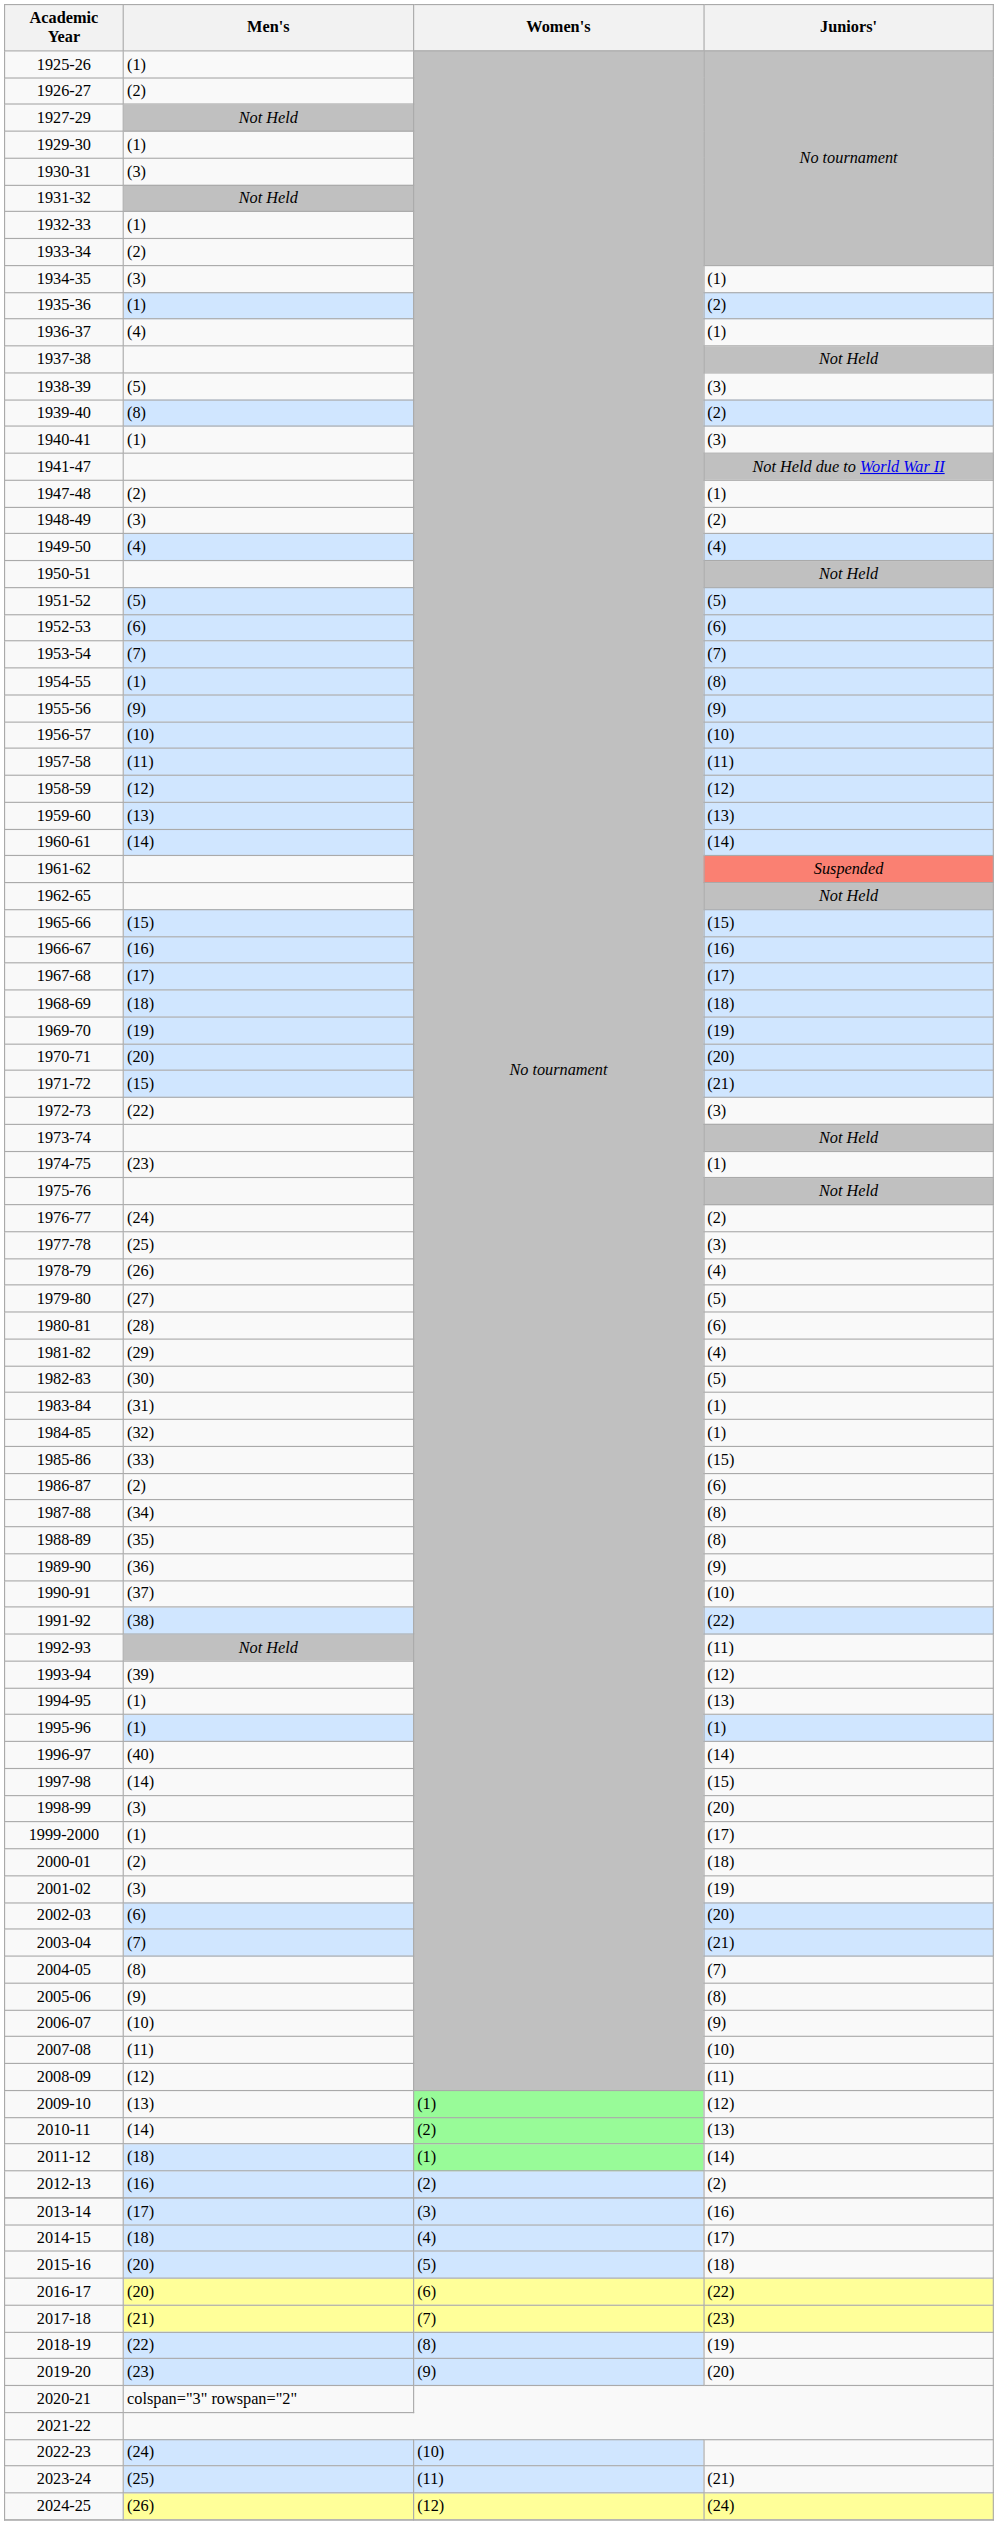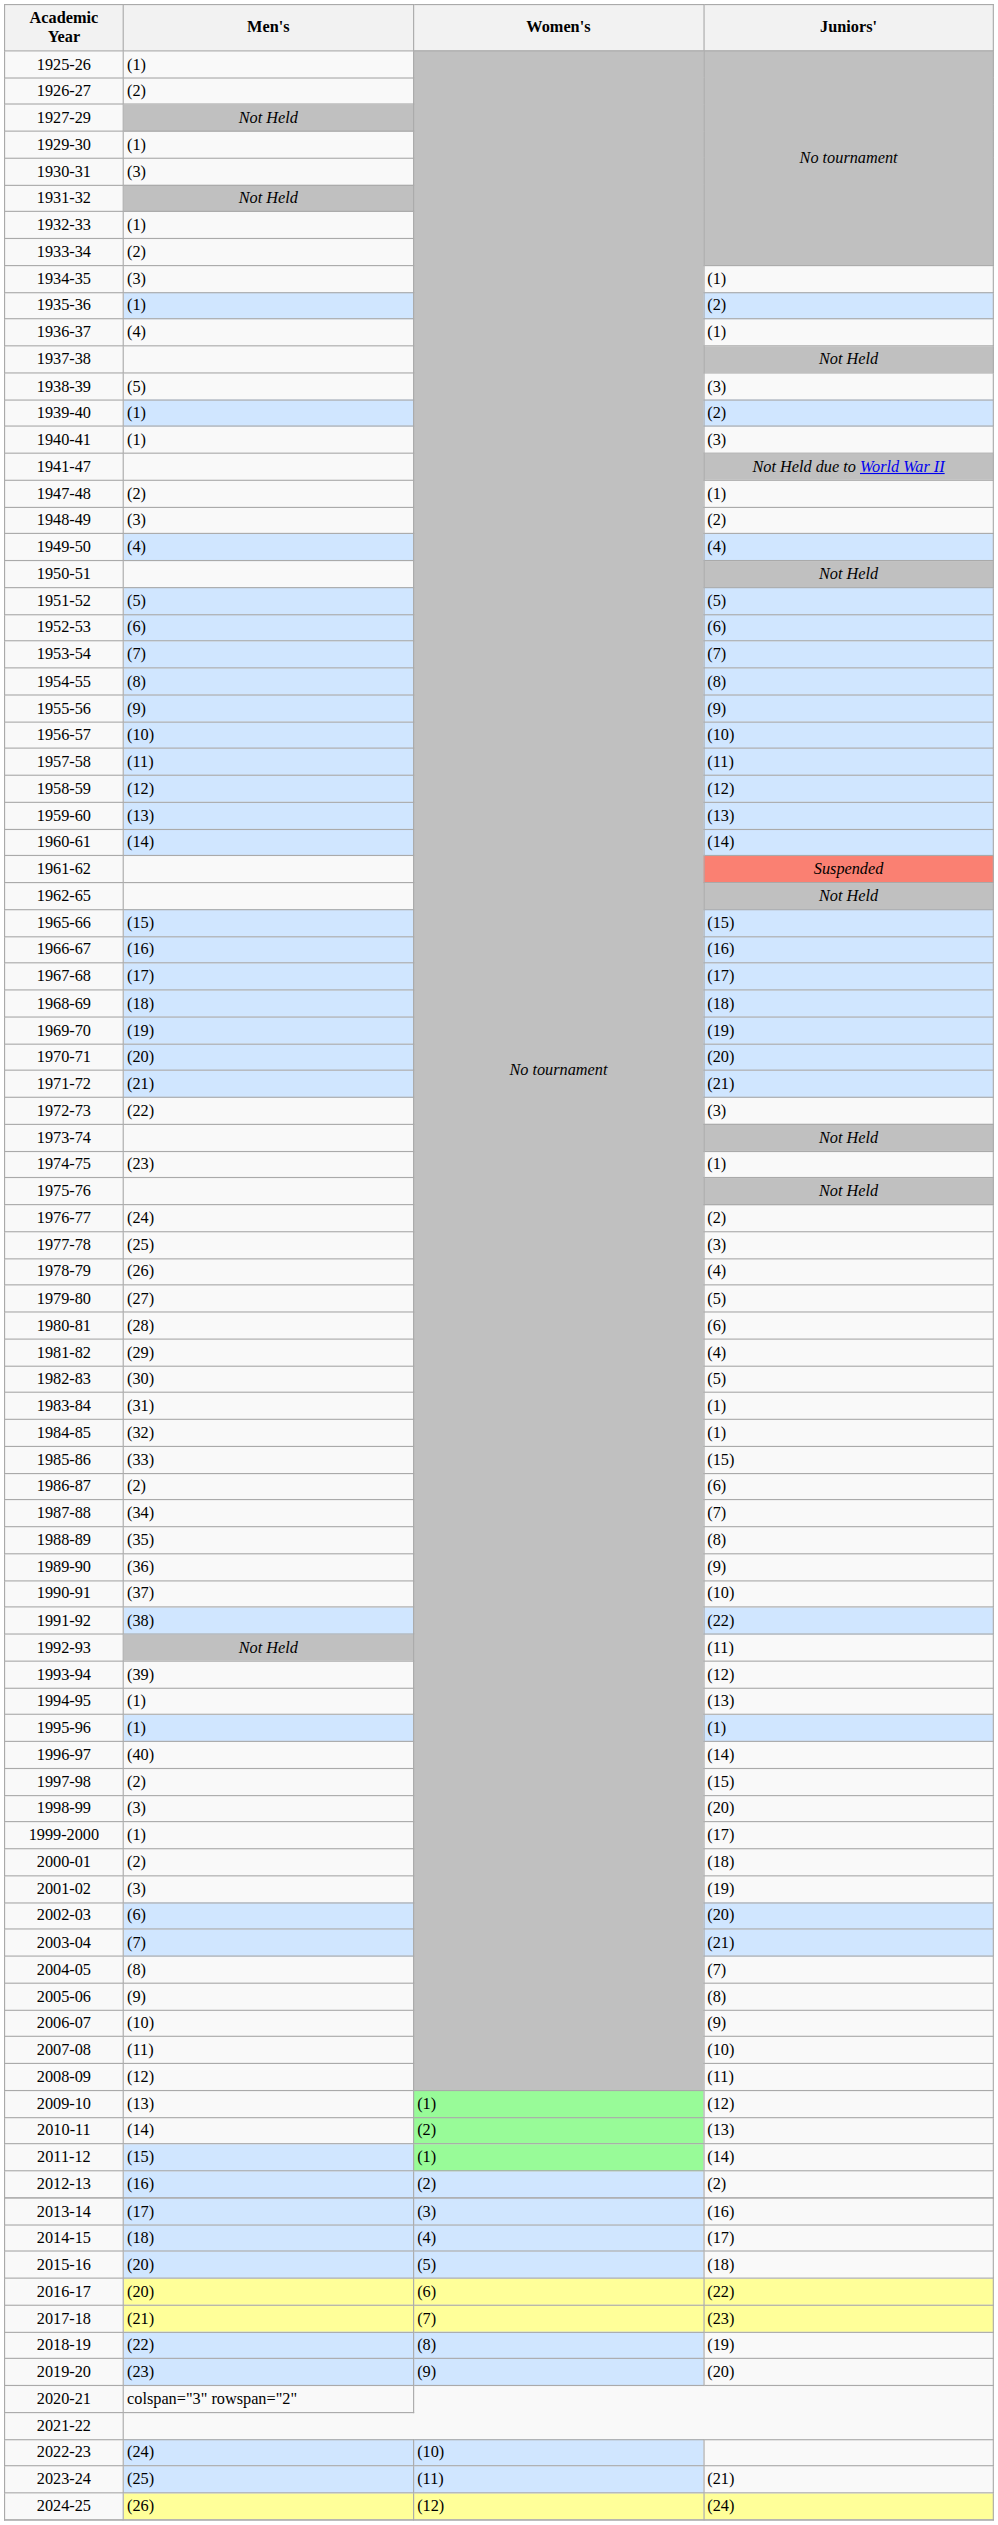 <table class="wikitable" style="font-size:90%;">
 <tr>
 <th width=12%><strong>Academic<br>Year</strong></th>
 <th width="250px"><strong>Men's</strong></th>
 <th width="250px"><strong>Women's</strong></th>
 <th width="250px"><strong>Juniors</strong>'</th>
 </tr>
 <tr>
 <td align=center>1925-26</td>
 <td> (1)</td>
 <td rowspan="76" bgcolor="silver" align="center"><em>No tournament</em></td>
 <td rowspan="8" bgcolor="silver" align="center"><em>No tournament</em></td>
 </tr>
 <tr>
 <td align=center>1926-27</td>
 <td> (2)</td>
 </tr>
 <tr>
 <td align=center>1927-29</td>
 <td bgcolor=silver align=center><em>Not Held</em></td>
 </tr>
 <tr>
 <td align=center>1929-30</td>
 <td> (1)</td>
 </tr>
 <tr>
 <td align=center>1930-31</td>
 <td> (3)</td>
 </tr>
 <tr>
 <td align=center>1931-32</td>
 <td bgcolor=silver align=center><em>Not Held</em></td>
 </tr>
 <tr>
 <td align=center>1932-33</td>
 <td> (1)</td>
 </tr>
 <tr>
 <td align=center>1933-34</td>
 <td> (2)</td>
 </tr>
 <tr>
 <td align=center>1934-35</td>
 <td> (3)</td>
 <td> (1)</td>
 </tr>
 <tr>
 <td align=center>1935-36</td>
 <td bgcolor="#D0E6FF"> (1)</td>
 <td bgcolor="#D0E6FF"> (2)</td>
 </tr>
 <tr>
 <td align=center>1936-37</td>
 <td> (4)</td>
 <td> (1)</td>
 </tr>
 <tr>
 <td align=center>1937-38</td>
 <td></td>
 <td bgcolor="silver" align="center"><em>Not Held</em></td>
 </tr>
 <tr>
 <td align=center>1938-39</td>
 <td> (5)</td>
 <td> (3)</td>
 </tr>
 <tr>
 <td align=center>1939-40</td>
-<td bgcolor="#D0E6FF"> (8)</td>
+<td bgcolor="#D0E6FF"> (1)</td>
 <td bgcolor="#D0E6FF"> (2)</td>
 </tr>
 <tr>
 <td align=center>1940-41</td>
 <td> (1)</td>
 <td> (3)</td>
 </tr>
 <tr>
 <td align=center>1941-47</td>
 <td></td>
 <td bgcolor="silver" align="center"><em>Not Held due to <a href='#'>World War II</a></em></td>
 </tr>
 <tr>
 <td align=center>1947-48</td>
 <td> (2)</td>
 <td> (1)</td>
 </tr>
 <tr>
 <td align=center>1948-49</td>
 <td> (3)</td>
 <td> (2)</td>
 </tr>
 <tr>
 <td align=center>1949-50</td>
 <td bgcolor="#D0E6FF"> (4)</td>
 <td bgcolor="#D0E6FF"> (4)</td>
 </tr>
 <tr>
 <td align=center>1950-51</td>
 <td></td>
 <td bgcolor="silver" align="center"><em>Not Held</em></td>
 </tr>
 <tr>
 <td align=center>1951-52</td>
 <td bgcolor="#D0E6FF"> (5)</td>
 <td bgcolor="#D0E6FF"> (5)</td>
 </tr>
 <tr>
 <td align=center>1952-53</td>
 <td bgcolor="#D0E6FF"> (6)</td>
 <td bgcolor="#D0E6FF"> (6)</td>
 </tr>
 <tr>
 <td align=center>1953-54</td>
 <td bgcolor="#D0E6FF"> (7)</td>
 <td bgcolor="#D0E6FF"> (7)</td>
 </tr>
 <tr>
 <td align=center>1954-55</td>
-<td bgcolor="#D0E6FF"> (1)</td>
+<td bgcolor="#D0E6FF"> (8)</td>
 <td bgcolor="#D0E6FF"> (8)</td>
 </tr>
 <tr>
 <td align=center>1955-56</td>
 <td bgcolor="#D0E6FF"> (9)</td>
 <td bgcolor="#D0E6FF"> (9)</td>
 </tr>
 <tr>
 <td align=center>1956-57</td>
 <td bgcolor="#D0E6FF"> (10)</td>
 <td bgcolor="#D0E6FF"> (10)</td>
 </tr>
 <tr>
 <td align=center>1957-58</td>
 <td bgcolor="#D0E6FF"> (11)</td>
 <td bgcolor="#D0E6FF"> (11)</td>
 </tr>
 <tr>
 <td align=center>1958-59</td>
 <td bgcolor="#D0E6FF"> (12)</td>
 <td bgcolor="#D0E6FF"> (12)</td>
 </tr>
 <tr>
 <td align=center>1959-60</td>
 <td bgcolor="#D0E6FF"> (13)</td>
 <td bgcolor="#D0E6FF"> (13)</td>
 </tr>
 <tr>
 <td align=center>1960-61</td>
 <td bgcolor="#D0E6FF"> (14)</td>
 <td bgcolor="#D0E6FF"> (14)</td>
 </tr>
 <tr>
 <td align=center>1961-62</td>
 <td></td>
 <td bgcolor="salmon" align="center"><em>Suspended</em></td>
 </tr>
 <tr>
 <td align=center>1962-65</td>
 <td></td>
 <td bgcolor="silver" align="center"><em>Not Held</em></td>
 </tr>
 <tr>
 <td align=center>1965-66</td>
 <td bgcolor="#D0E6FF"> (15)</td>
 <td bgcolor="#D0E6FF"> (15)</td>
 </tr>
 <tr>
 <td align=center>1966-67</td>
 <td bgcolor="#D0E6FF"> (16)</td>
 <td bgcolor="#D0E6FF"> (16)</td>
 </tr>
 <tr>
 <td align=center>1967-68</td>
 <td bgcolor="#D0E6FF"> (17)</td>
 <td bgcolor="#D0E6FF"> (17)</td>
 </tr>
 <tr>
 <td align=center>1968-69</td>
 <td bgcolor="#D0E6FF"> (18)</td>
 <td bgcolor="#D0E6FF"> (18)</td>
 </tr>
 <tr>
 <td align=center>1969-70</td>
 <td bgcolor="#D0E6FF"> (19)</td>
 <td bgcolor="#D0E6FF"> (19)</td>
 </tr>
 <tr>
 <td align=center>1970-71</td>
 <td bgcolor="#D0E6FF"> (20)</td>
 <td bgcolor="#D0E6FF"> (20)</td>
 </tr>
 <tr>
 <td align=center>1971-72</td>
-<td bgcolor="#D0E6FF"> (15)</td>
+<td bgcolor="#D0E6FF"> (21)</td>
 <td bgcolor="#D0E6FF"> (21)</td>
 </tr>
 <tr>
 <td align=center>1972-73</td>
 <td> (22)</td>
 <td> (3)</td>
 </tr>
 <tr>
 <td align=center>1973-74</td>
 <td></td>
 <td bgcolor="silver" align="center"><em>Not Held</em></td>
 </tr>
 <tr>
 <td align=center>1974-75</td>
 <td> (23)</td>
 <td> (1)</td>
 </tr>
 <tr>
 <td align=center>1975-76</td>
 <td></td>
 <td bgcolor="silver" align="center"><em>Not Held</em></td>
 </tr>
 <tr>
 <td align=center>1976-77</td>
 <td> (24)</td>
 <td> (2)</td>
 </tr>
 <tr>
 <td align=center>1977-78</td>
 <td> (25)</td>
 <td> (3)</td>
 </tr>
 <tr>
 <td align=center>1978-79</td>
 <td> (26)</td>
 <td> (4)</td>
 </tr>
 <tr>
 <td align=center>1979-80</td>
 <td> (27)</td>
 <td> (5)</td>
 </tr>
 <tr>
 <td align=center>1980-81</td>
 <td> (28)</td>
 <td> (6)</td>
 </tr>
 <tr>
 <td align=center>1981-82</td>
 <td> (29)</td>
 <td> (4)</td>
 </tr>
 <tr>
 <td align=center>1982-83</td>
 <td> (30)</td>
 <td> (5)</td>
 </tr>
 <tr>
 <td align=center>1983-84</td>
 <td> (31)</td>
 <td> (1)</td>
 </tr>
 <tr>
 <td align=center>1984-85</td>
 <td> (32)</td>
 <td> (1)</td>
 </tr>
 <tr>
 <td align=center>1985-86</td>
 <td> (33)</td>
 <td> (15)</td>
 </tr>
 <tr>
 <td align=center>1986-87</td>
 <td> (2)</td>
 <td> (6)</td>
 </tr>
 <tr>
 <td align=center>1987-88</td>
 <td> (34)</td>
-<td> (8)</td>
+<td> (7)</td>
 </tr>
 <tr>
 <td align=center>1988-89</td>
 <td> (35)</td>
 <td> (8)</td>
 </tr>
 <tr>
 <td align=center>1989-90</td>
 <td> (36)</td>
 <td> (9)</td>
 </tr>
 <tr>
 <td align=center>1990-91</td>
 <td> (37)</td>
 <td> (10)</td>
 </tr>
 <tr>
 <td align=center>1991-92</td>
 <td bgcolor="#D0E6FF"> (38)</td>
 <td bgcolor="#D0E6FF"> (22)</td>
 </tr>
 <tr>
 <td align=center>1992-93</td>
 <td bgcolor="silver" align="center"><em>Not Held</em></td>
 <td> (11)</td>
 </tr>
 <tr>
 <td align=center>1993-94</td>
 <td> (39)</td>
 <td> (12)</td>
 </tr>
 <tr>
 <td align=center>1994-95</td>
 <td> (1)</td>
 <td> (13)</td>
 </tr>
 <tr>
 <td align=center>1995-96</td>
 <td bgcolor="#D0E6FF"> (1)</td>
 <td bgcolor="#D0E6FF"> (1)</td>
 </tr>
 <tr>
 <td align=center>1996-97</td>
 <td> (40)</td>
 <td> (14)</td>
 </tr>
 <tr>
 <td align=center>1997-98</td>
-<td> (14)</td>
+<td> (2)</td>
 <td> (15)</td>
 </tr>
 <tr>
 <td align=center>1998-99</td>
 <td> (3)</td>
 <td> (20)</td>
 </tr>
 <tr>
 <td align=center>1999-2000</td>
 <td> (1)</td>
 <td> (17)</td>
 </tr>
 <tr>
 <td align=center>2000-01</td>
 <td> (2)</td>
 <td> (18)</td>
 </tr>
 <tr>
 <td align=center>2001-02</td>
 <td> (3)</td>
 <td> (19)</td>
 </tr>
 <tr>
 <td align=center>2002-03</td>
 <td bgcolor="#D0E6FF"> (6)</td>
 <td bgcolor="#D0E6FF"> (20)</td>
 </tr>
 <tr>
 <td align=center>2003-04</td>
 <td bgcolor="#D0E6FF"> (7)</td>
 <td bgcolor="#D0E6FF"> (21)</td>
 </tr>
 <tr>
 <td align=center>2004-05</td>
 <td> (8)</td>
 <td> (7)</td>
 </tr>
 <tr>
 <td align=center>2005-06</td>
 <td> (9)</td>
 <td> (8)</td>
 </tr>
 <tr>
 <td align=center>2006-07</td>
 <td> (10)</td>
 <td> (9)</td>
 </tr>
 <tr>
 <td align=center>2007-08</td>
 <td> (11)</td>
 <td> (10)</td>
 </tr>
 <tr>
 <td align=center>2008-09</td>
 <td> (12)</td>
 <td> (11)</td>
 </tr>
 <tr>
 <td align=center>2009-10</td>
 <td> (13)</td>
 <td bgcolor="#98fb98"> (1)</td>
 <td> (12)</td>
 </tr>
 <tr>
 <td align=center>2010-11</td>
 <td> (14)</td>
 <td bgcolor="#98fb98"> (2)</td>
 <td> (13)</td>
 </tr>
 <tr>
 <td align=center>2011-12</td>
-<td bgcolor="#D0E6FF"> (18)</td>
+<td bgcolor="#D0E6FF"> (15)</td>
 <td bgcolor="#98fb98"> (1)</td>
 <td> (14)</td>
 </tr>
 <tr>
 <td align=center>2012-13</td>
 <td bgcolor="#D0E6FF"> (16)</td>
 <td bgcolor="#D0E6FF"> (2)</td>
 <td> (2)</td>
 </tr>
 <tr>
 </tr>
 <tr>
 <td align=center>2013-14</td>
 <td bgcolor="#D0E6FF"> (17)</td>
 <td bgcolor="#D0E6FF"> (3)</td>
 <td> (16)</td>
 </tr>
 <tr>
 <td align=center>2014-15</td>
 <td bgcolor="#D0E6FF"> (18)</td>
 <td bgcolor="#D0E6FF"> (4)</td>
 <td> (17)</td>
 </tr>
 <tr>
 <td align=center>2015-16</td>
 <td bgcolor="#D0E6FF"> (20)</td>
 <td bgcolor="#D0E6FF"> (5)</td>
 <td> (18)</td>
 </tr>
 <tr>
 <td align=center>2016-17</td>
 <td bgcolor="#FFFF99"> (20)</td>
 <td bgcolor="#FFFF99"> (6)</td>
 <td bgcolor="#FFFF99"> (22)</td>
 </tr>
 <tr>
 <td align=center>2017-18</td>
 <td bgcolor="#FFFF99"> (21)</td>
 <td bgcolor="#FFFF99"> (7)</td>
 <td bgcolor="#FFFF99"> (23)</td>
 </tr>
 <tr>
 <td align=center>2018-19</td>
 <td bgcolor="#D0E6FF"> (22)</td>
 <td bgcolor="#D0E6FF"> (8)</td>
 <td> (19)</td>
 </tr>
 <tr>
 <td align=center>2019-20</td>
 <td bgcolor="#D0E6FF"> (23)</td>
 <td bgcolor="#D0E6FF"> (9)</td>
 <td> (20)</td>
 </tr>
 <tr>
 <td align=center>2020-21</td>
 <td>colspan="3" rowspan="2" </td>
 </tr>
 <tr>
 <td align=center>2021-22</td>
 </tr>
 <tr>
 <td align=center>2022-23</td>
 <td bgcolor="#D0E6FF"> (24)</td>
 <td bgcolor="#D0E6FF"> (10)</td>
 <td></td>
 </tr>
 <tr>
 <td align=center>2023-24</td>
 <td bgcolor="#D0E6FF"> (25)</td>
 <td bgcolor="#D0E6FF"> (11)</td>
 <td> (21)</td>
 </tr>
 <tr>
 <td align=center>2024-25</td>
 <td bgcolor="#FFFF99"> (26)</td>
 <td bgcolor="#FFFF99"> (12)</td>
 <td bgcolor="#FFFF99"> (24)</td>
 </tr>
 <tr>
 </tr>
 </table>
